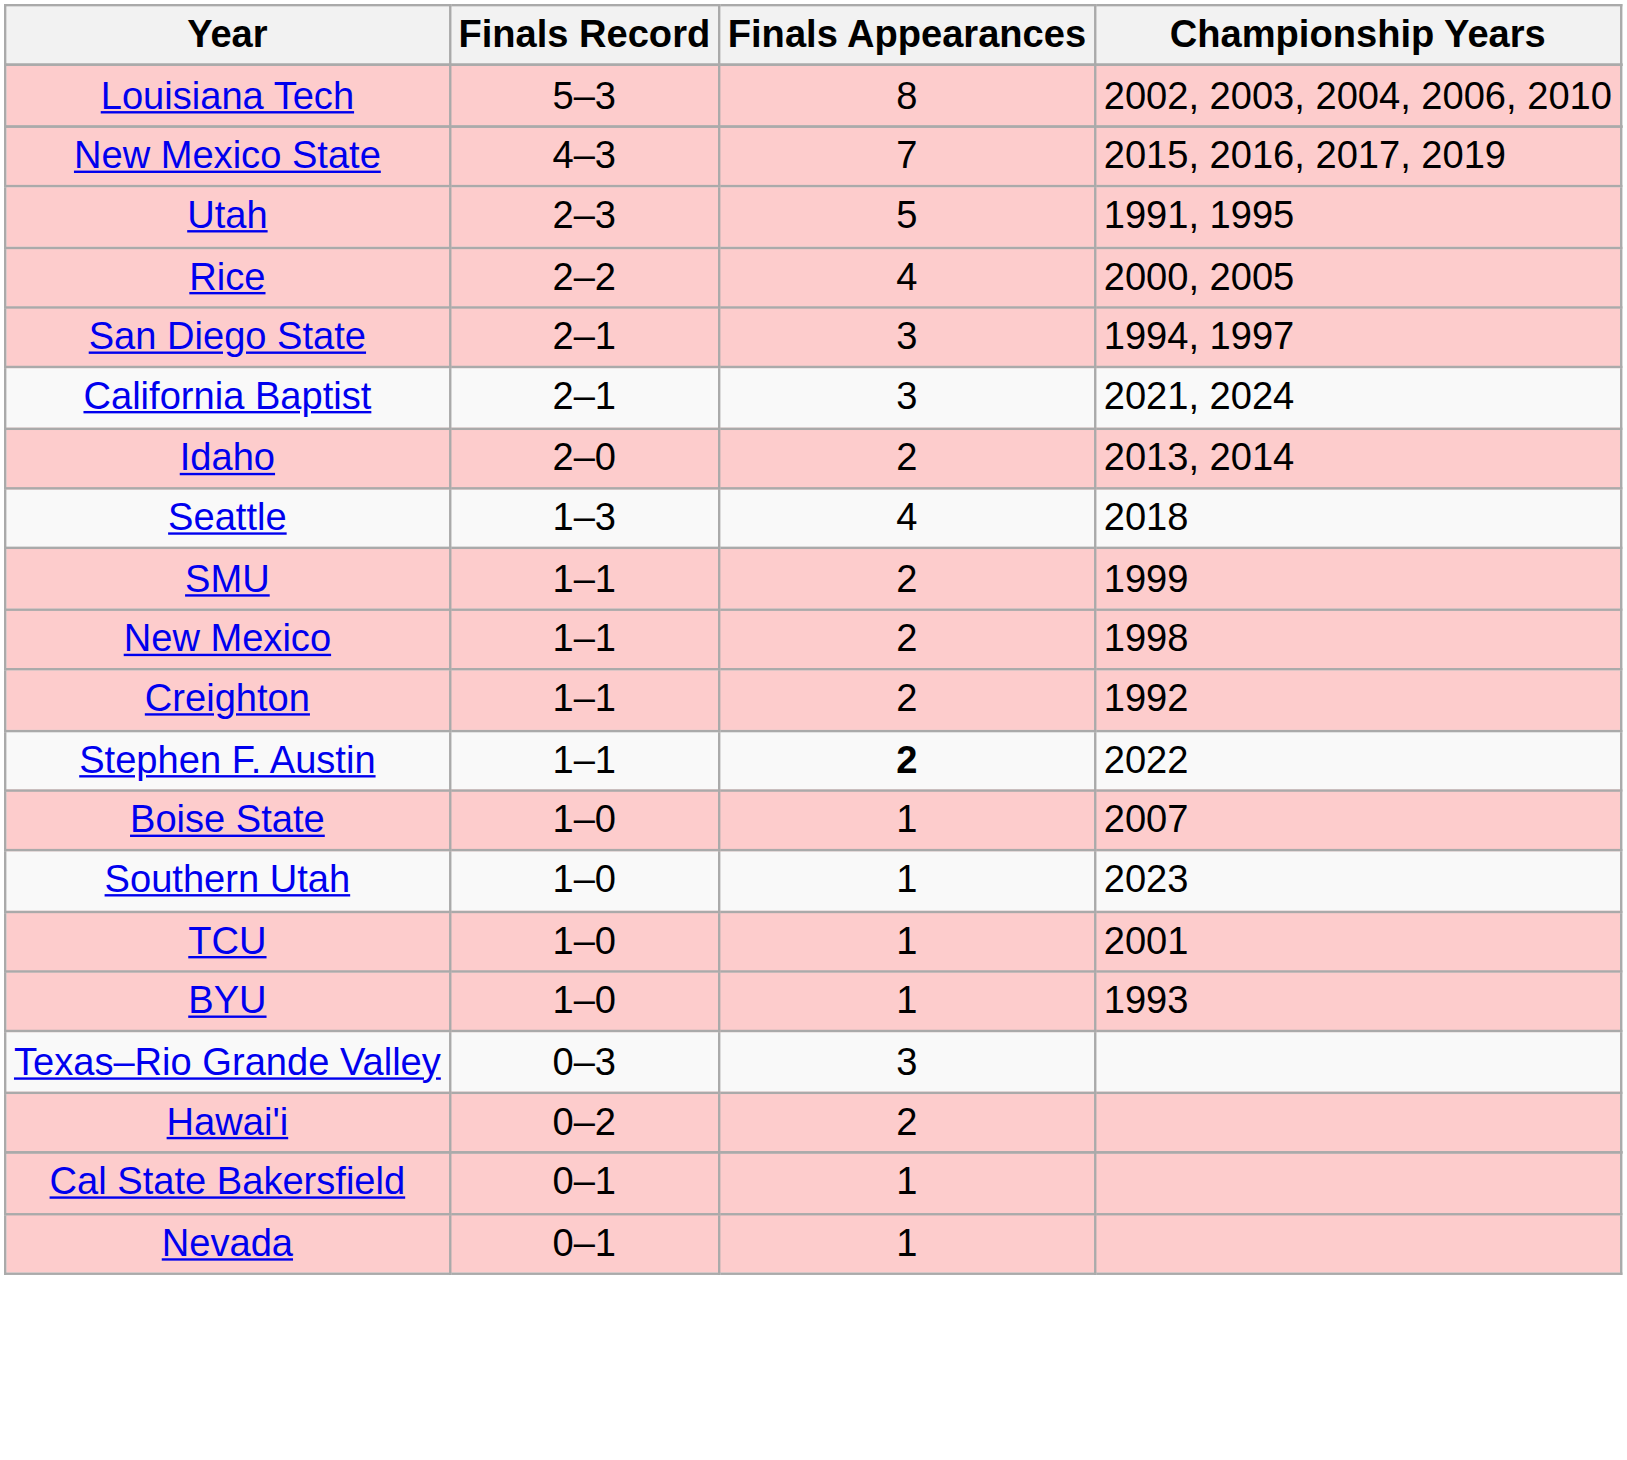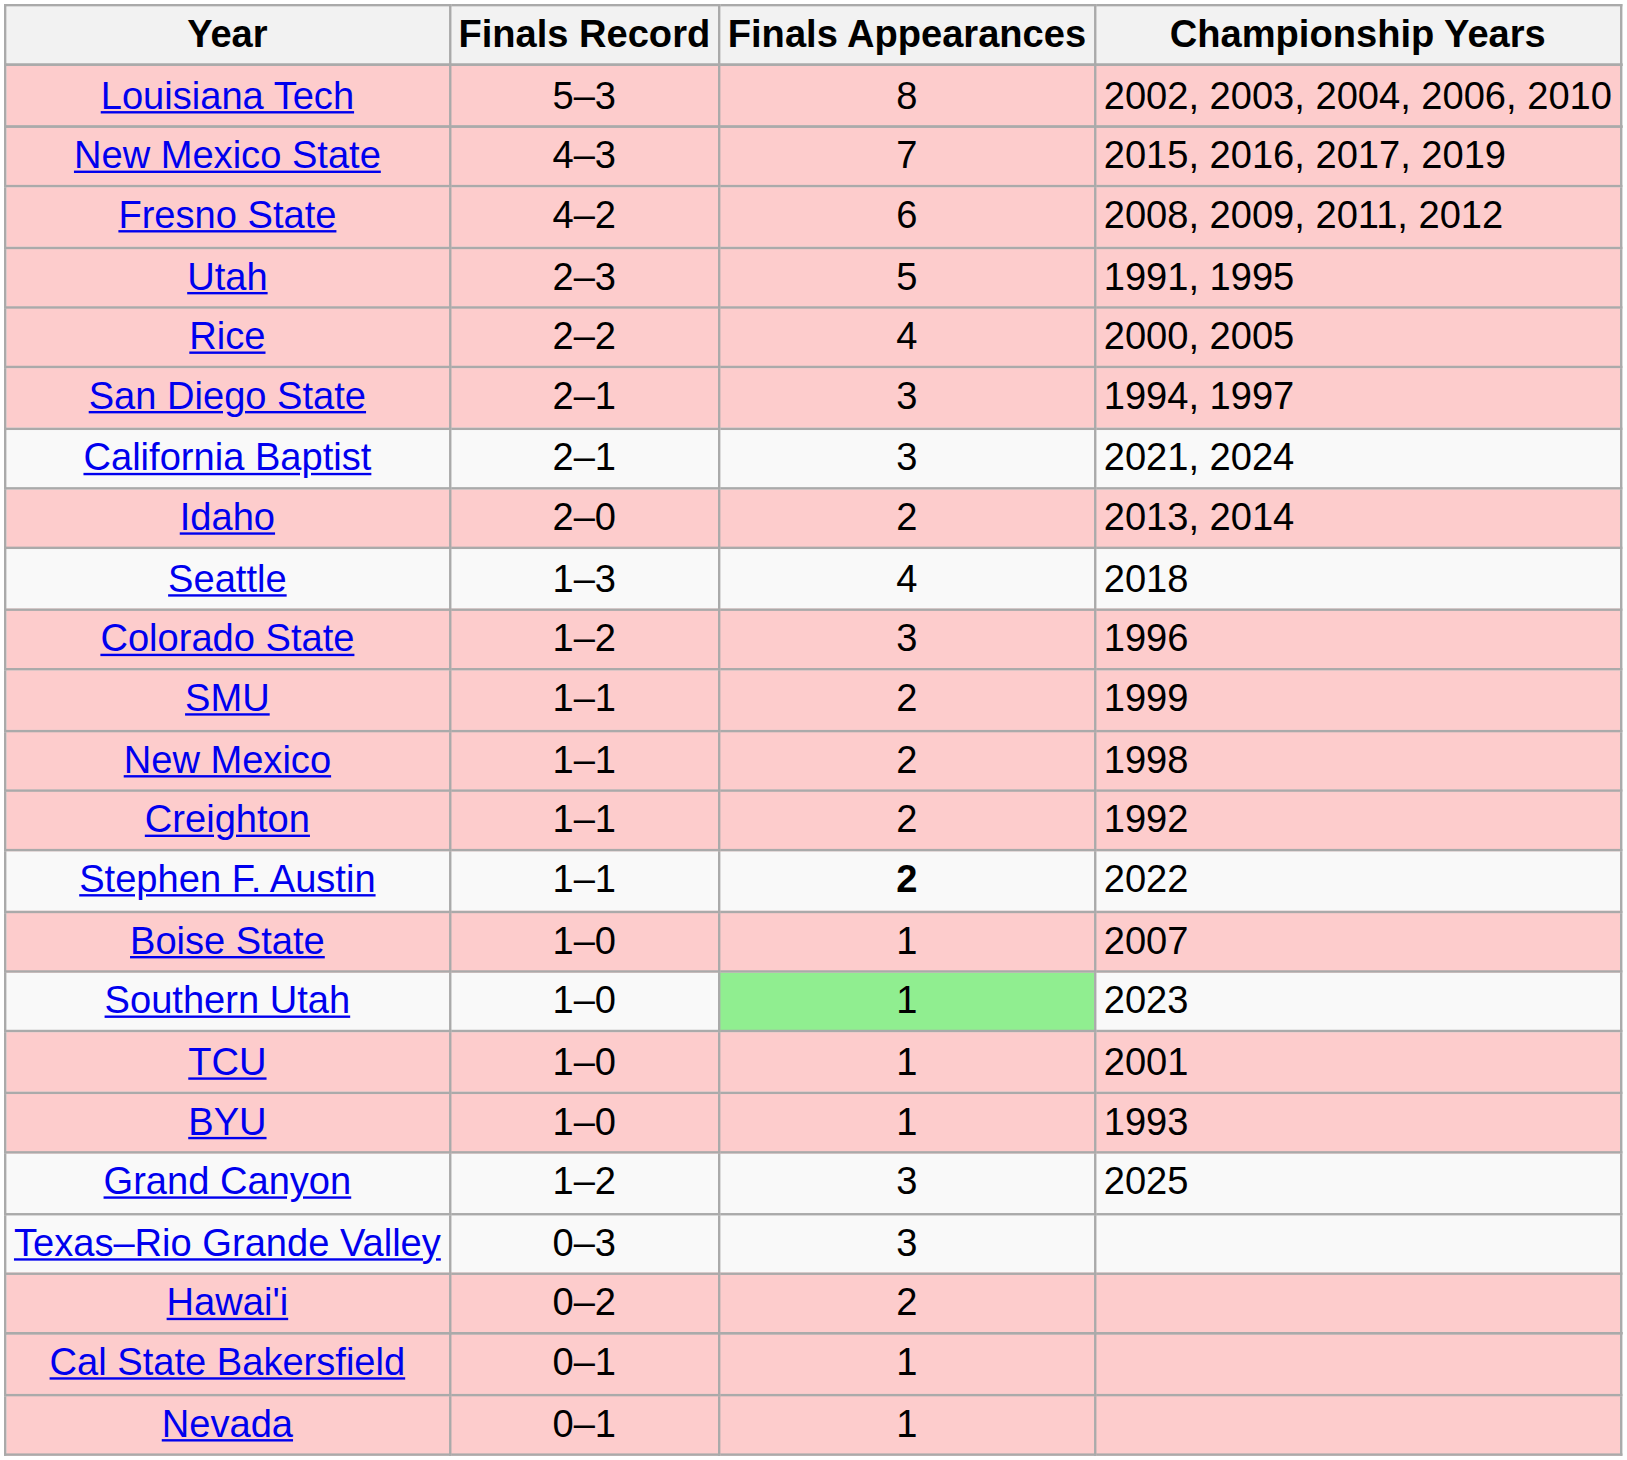 <table class="wikitable sortable" style="text-align:center">
 <tr>
 <th width=px>Year</th>
 <th width=px>Finals Record</th>
 <th width=px>Finals Appearances</th>
 <th width=px>Championship Years</th>
 </tr>
 <tr>
 </tr>
 <tr bgcolor=#fdcccc>
 <td><a href='#'>Louisiana Tech</a></td>
 <td>5–3</td>
 <td>8</td>
 <td align=left>2002, 2003, 2004, 2006, 2010</td>
 </tr>
 <tr>
 </tr>
 <tr bgcolor=#fdcccc>
 <td><a href='#'>New Mexico State</a></td>
 <td>4–3</td>
 <td>7</td>
 <td align=left>2015, 2016, 2017, 2019</td>
+</tr>
+<tr bgcolor=#fdcccc>
+<td><a href='#'>Fresno State</a></td>
+<td>4–2</td>
+<td>6</td>
+<td align=left>2008, 2009, 2011, 2012</td>
 </tr>
 <tr bgcolor=#fdcccc>
 <td><a href='#'>Utah</a></td>
 <td>2–3</td>
 <td>5</td>
 <td align=left>1991, 1995</td>
 </tr>
 <tr bgcolor=#fdcccc>
 <td><a href='#'>Rice</a></td>
 <td>2–2</td>
 <td>4</td>
 <td align=left>2000, 2005</td>
 </tr>
 <tr bgcolor=#fdcccc>
 <td><a href='#'>San Diego State</a></td>
 <td>2–1</td>
 <td>3</td>
 <td align=left>1994, 1997</td>
 </tr>
 <tr>
 <td><a href='#'>California Baptist</a></td>
 <td>2–1</td>
 <td>3</td>
 <td align="left">2021, 2024</td>
 </tr>
 <tr bgcolor=#fdcccc>
 <td><a href='#'>Idaho</a></td>
 <td>2–0</td>
 <td>2</td>
 <td align=left>2013, 2014</td>
 </tr>
 <tr>
 <td><a href='#'>Seattle</a></td>
 <td>1–3</td>
 <td>4</td>
 <td align=left>2018</td>
 </tr>
 <tr bgcolor=#fdcccc>
+<td><a href='#'>Colorado State</a></td>
+<td>1–2</td>
+<td>3</td>
+<td align=left>1996</td>
+</tr>
+<tr bgcolor=#fdcccc>
 <td><a href='#'>SMU</a></td>
 <td>1–1</td>
 <td>2</td>
 <td align=left>1999</td>
 </tr>
 <tr bgcolor=#fdcccc>
 <td><a href='#'>New Mexico</a></td>
 <td>1–1</td>
 <td>2</td>
 <td align=left>1998</td>
 </tr>
 <tr bgcolor=#fdcccc>
 <td><a href='#'>Creighton</a></td>
 <td>1–1</td>
 <td>2</td>
 <td align=left>1992</td>
 </tr>
 <tr>
 <td><a href='#'>Stephen F. Austin</a></td>
 <td>1–1</td>
 <td><strong>2</strong></td>
 <td align="left">2022</td>
 </tr>
 <tr bgcolor=#fdcccc>
 <td><a href='#'>Boise State</a></td>
 <td>1–0</td>
 <td>1</td>
 <td align=left>2007</td>
 </tr>
 <tr>
 <td><a href='#'>Southern Utah</a></td>
 <td>1–0</td>
-<td>1</td>
+<td style="background: lightgreen;">1</td>
 <td align=left>2023</td>
 </tr>
 <tr bgcolor=#fdcccc>
 <td><a href='#'>TCU</a></td>
 <td>1–0</td>
 <td>1</td>
 <td align=left>2001</td>
 </tr>
 <tr bgcolor=#fdcccc>
 <td><a href='#'>BYU</a></td>
 <td>1–0</td>
 <td>1</td>
 <td align=left>1993</td>
+</tr>
+<tr>
+<td><a href='#'>Grand Canyon</a></td>
+<td>1–2</td>
+<td>3</td>
+<td align=left>2025</td>
 </tr>
 <tr>
 <td><a href='#'>Texas–Rio Grande Valley</a></td>
 <td>0–3</td>
 <td>3</td>
 <td align=left></td>
 </tr>
 <tr bgcolor=#fdcccc>
 <td><a href='#'>Hawai'i</a></td>
 <td>0–2</td>
 <td>2</td>
 <td align=left></td>
 </tr>
 <tr>
 </tr>
 <tr bgcolor=#fdcccc>
 <td><a href='#'>Cal State Bakersfield</a></td>
 <td>0–1</td>
 <td>1</td>
 <td align=left></td>
 </tr>
 <tr bgcolor=#fdcccc>
 <td><a href='#'>Nevada</a></td>
 <td>0–1</td>
 <td>1</td>
 <td align=left></td>
 </tr>
 </table>
